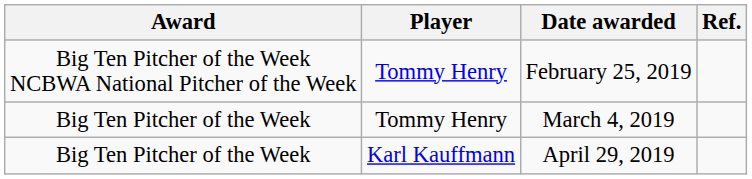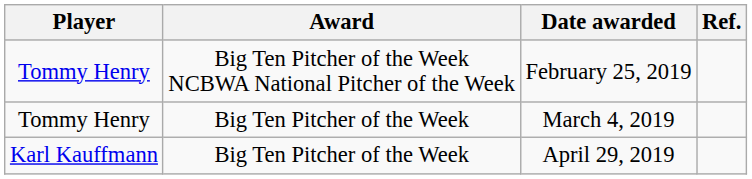 <table class="wikitable sortable sortable" style="text-align: center">
 <tr align=center>
+<th>Player</th>
 <th>Award</th>
-<th>Player</th>
 <th>Date awarded</th>
 <th>Ref.</th>
 </tr>
 <tr>
+<td><a href='#'>Tommy Henry</a></td>
 <td>Big Ten Pitcher of the Week<br>NCBWA National Pitcher of the Week</td>
-<td><a href='#'>Tommy Henry</a></td>
 <td>February 25, 2019</td>
 <td><br></td>
 </tr>
 <tr>
+<td>Tommy Henry</td>
 <td>Big Ten Pitcher of the Week</td>
-<td>Tommy Henry</td>
 <td>March 4, 2019</td>
 <td></td>
 </tr>
 <tr>
+<td><a href='#'>Karl Kauffmann</a></td>
 <td>Big Ten Pitcher of the Week</td>
-<td><a href='#'>Karl Kauffmann</a></td>
 <td>April 29, 2019</td>
 <td></td>
 </tr>
 </table>
